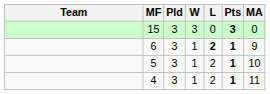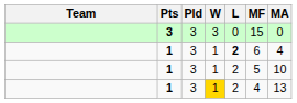 <table class=wikitable style="text-align:center">
 <tr>
 <th width=200>Team</th>
-<th width=20>MF</th>
+<th width=20>Pts</th>
 <th width=20>Pld</th>
 <th width=20>W</th>
 <th width=20>L</th>
-<th width=20>Pts</th>
+<th width=20>MF</th>
 <th width=20>MA</th>
 </tr>
 <tr bgcolor=ccffcc>
 <td style="text-align:left"><strong></strong></td>
-<td>15</td>
+<td><strong>3</strong></td>
 <td>3</td>
 <td>3</td>
 <td>0</td>
-<td><strong>3</strong></td>
+<td>15</td>
 <td>0</td>
 </tr>
 <tr>
 <td style="text-align:left"></td>
-<td>6</td>
+<td><strong>1</strong></td>
 <td>3</td>
 <td>1</td>
 <td><strong>2</strong></td>
-<td><strong>1</strong></td>
-<td>9</td>
+<td>6</td>
+<td>4</td>
 </tr>
 <tr>
 <td style="text-align:left"></td>
-<td>5</td>
+<td><strong>1</strong></td>
 <td>3</td>
 <td>1</td>
 <td>2</td>
-<td><strong>1</strong></td>
+<td>5</td>
 <td>10</td>
 </tr>
 <tr>
 <td style="text-align:left"></td>
+<td><strong>1</strong></td>
+<td>3</td>
+<td style="background: gold;">1</td>
+<td>2</td>
 <td>4</td>
-<td>3</td>
-<td>1</td>
-<td>2</td>
-<td><strong>1</strong></td>
-<td>11</td>
+<td>13</td>
 </tr>
 </table>
